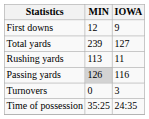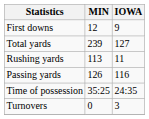 <table class="wikitable">
 <tr>
 <th>Statistics</th>
 <th>MIN</th>
 <th>IOWA</th>
 </tr>
 <tr>
 <td>First downs</td>
 <td>12</td>
 <td>9</td>
 </tr>
 <tr>
 <td>Total yards</td>
 <td>239</td>
 <td>127</td>
 </tr>
 <tr>
 <td>Rushing yards</td>
 <td>113</td>
 <td>11</td>
 </tr>
 <tr>
 <td>Passing yards</td>
-<td style="background: lightgrey;">126</td>
+<td>126</td>
 <td>116</td>
+</tr>
+<tr>
+<td>Time of possession</td>
+<td>35:25</td>
+<td>24:35</td>
 </tr>
 <tr>
 <td>Turnovers</td>
 <td>0</td>
 <td>3</td>
 </tr>
 <tr>
-<td>Time of possession</td>
-<td>35:25</td>
-<td>24:35</td>
-</tr>
-<tr>
 </tr>
 </table>
